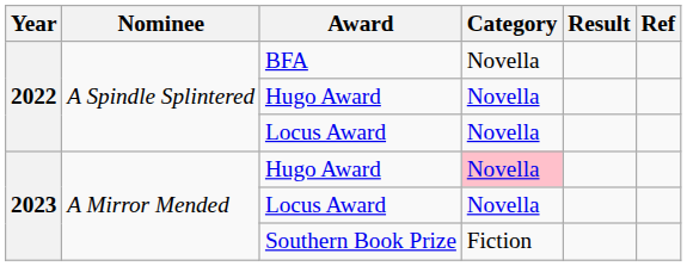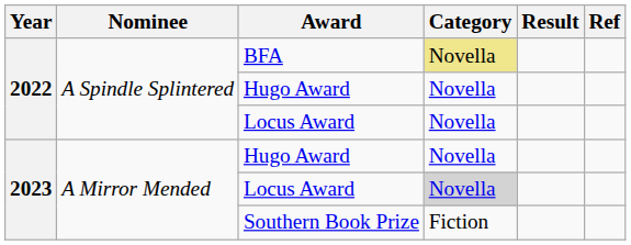 <table class="wikitable sortable">
 <tr>
 <th>Year</th>
 <th>Nominee</th>
 <th>Award</th>
 <th>Category</th>
 <th>Result</th>
 <th>Ref</th>
 </tr>
 <tr>
 <th rowspan="3">2022</th>
 <td rowspan="3"><em>A Spindle Splintered</em></td>
 <td><a href='#'>BFA</a></td>
-<td>Novella</td>
+<td style="background: khaki;">Novella</td>
 <td></td>
 <td></td>
 </tr>
 <tr>
 <td><a href='#'>Hugo Award</a></td>
 <td><a href='#'>Novella</a></td>
 <td></td>
 <td></td>
 </tr>
 <tr>
 <td><a href='#'>Locus Award</a></td>
 <td><a href='#'>Novella</a></td>
 <td></td>
 <td></td>
 </tr>
 <tr>
 <th rowspan="3">2023</th>
 <td rowspan="3"><em>A Mirror Mended</em></td>
 <td><a href='#'>Hugo Award</a></td>
-<td style="background: pink;"><a href='#'>Novella</a></td>
+<td><a href='#'>Novella</a></td>
 <td></td>
 <td></td>
 </tr>
 <tr>
 <td><a href='#'>Locus Award</a></td>
-<td><a href='#'>Novella</a></td>
+<td style="background: lightgrey;"><a href='#'>Novella</a></td>
 <td></td>
 <td></td>
 </tr>
 <tr>
 <td><a href='#'>Southern Book Prize</a></td>
 <td>Fiction</td>
 <td></td>
 <td></td>
 </tr>
 </table>
